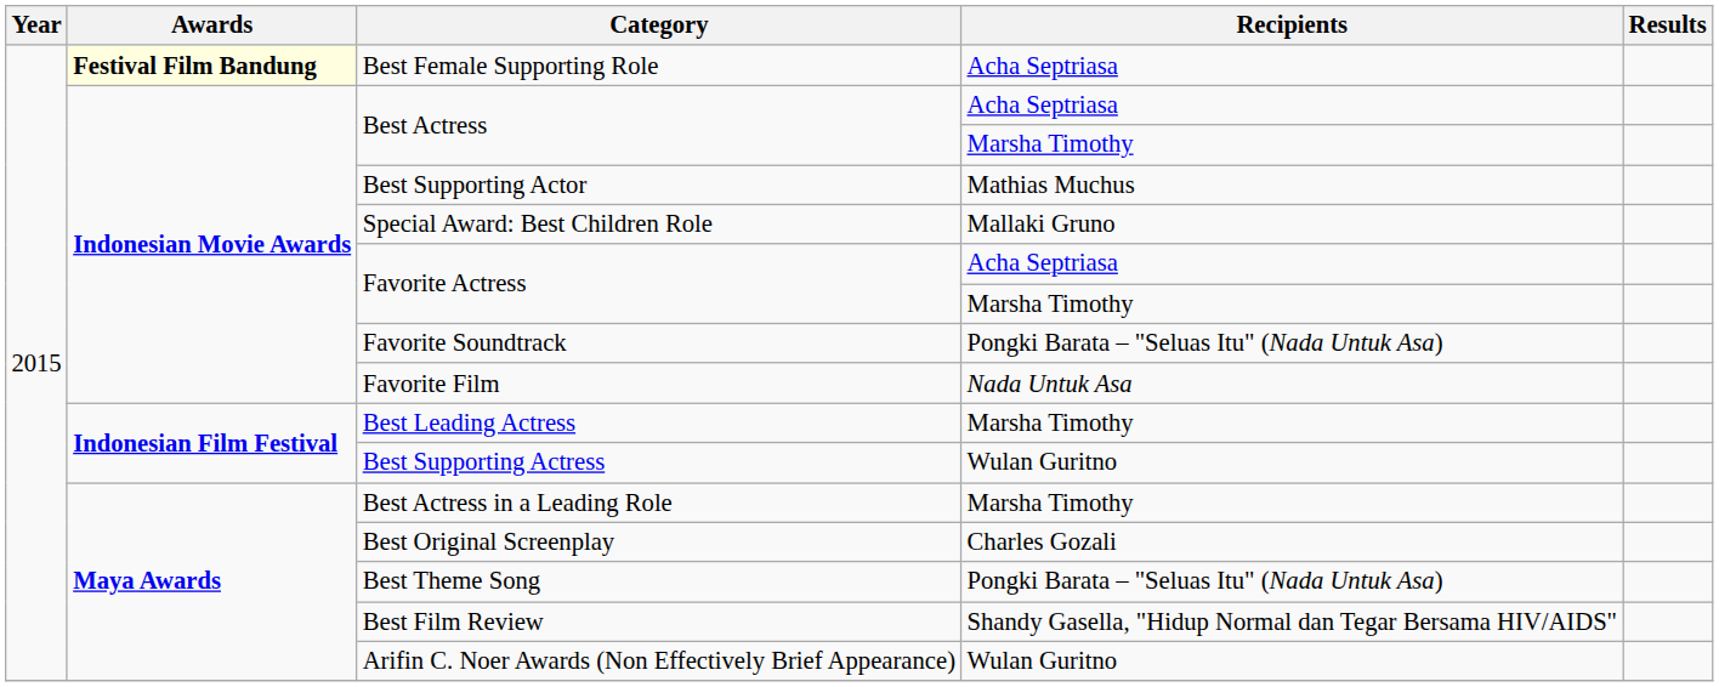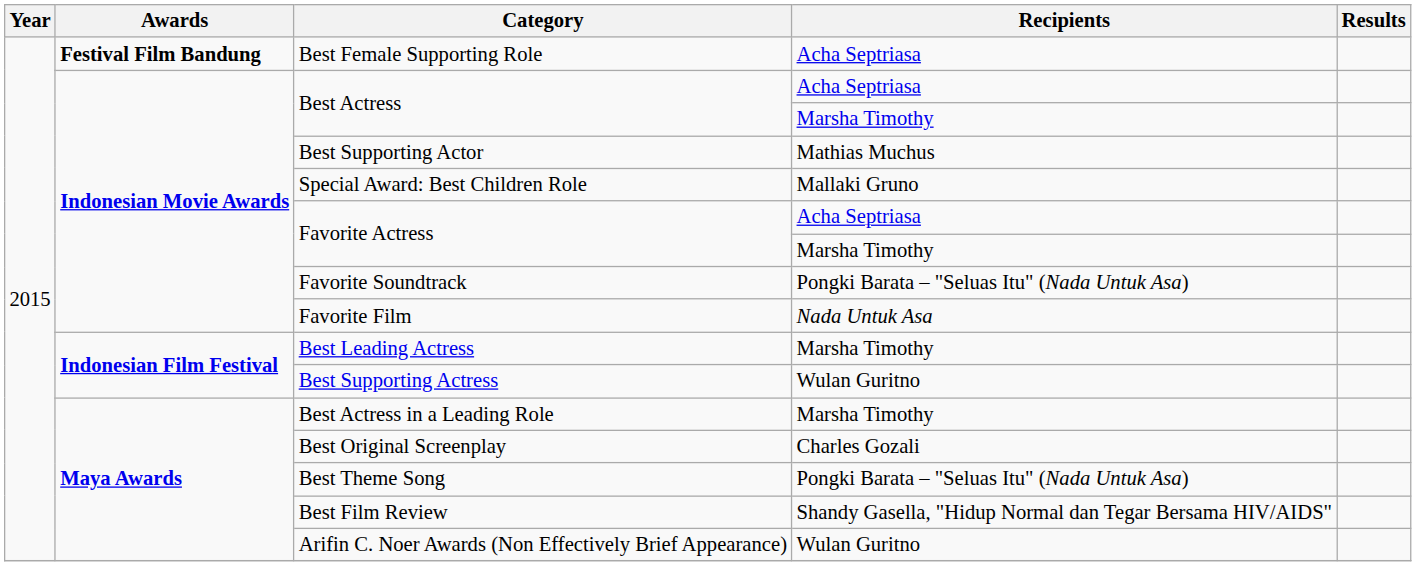 <table class="wikitable">
 <tr>
 <th>Year</th>
 <th>Awards</th>
 <th>Category</th>
 <th>Recipients</th>
 <th>Results</th>
 </tr>
 <tr>
 <td rowspan= "16">2015</td>
-<td style="background: lightyellow;"><strong>Festival Film Bandung</strong></td>
+<td><strong>Festival Film Bandung</strong></td>
 <td>Best Female Supporting Role</td>
 <td><a href='#'>Acha Septriasa</a></td>
 <td></td>
 </tr>
 <tr>
 <td rowspan= "8"><strong><a href='#'>Indonesian Movie Awards</a></strong></td>
 <td rowspan= "2">Best Actress</td>
 <td><a href='#'>Acha Septriasa</a></td>
 <td></td>
 </tr>
 <tr>
 <td><a href='#'>Marsha Timothy</a></td>
 <td></td>
 </tr>
 <tr>
 <td>Best Supporting Actor</td>
 <td>Mathias Muchus</td>
 <td></td>
 </tr>
 <tr>
 <td>Special Award: Best Children Role</td>
 <td>Mallaki Gruno</td>
 <td></td>
 </tr>
 <tr>
 <td rowspan= "2">Favorite Actress</td>
 <td><a href='#'>Acha Septriasa</a></td>
 <td></td>
 </tr>
 <tr>
 <td>Marsha Timothy</td>
 <td></td>
 </tr>
 <tr>
 <td>Favorite Soundtrack</td>
 <td>Pongki Barata – "Seluas Itu" (<em>Nada Untuk Asa</em>)</td>
 <td></td>
 </tr>
 <tr>
 <td>Favorite Film</td>
 <td><em>Nada Untuk Asa</em></td>
 <td></td>
 </tr>
 <tr>
 <td rowspan= "2"><strong><a href='#'>Indonesian Film Festival</a></strong></td>
 <td><a href='#'>Best Leading Actress</a></td>
 <td>Marsha Timothy</td>
 <td></td>
 </tr>
 <tr>
 <td><a href='#'>Best Supporting Actress</a></td>
 <td>Wulan Guritno</td>
 <td></td>
 </tr>
 <tr>
 <td rowspan= "5"><strong><a href='#'>Maya Awards</a></strong></td>
 <td>Best Actress in a Leading Role</td>
 <td>Marsha Timothy</td>
 <td></td>
 </tr>
 <tr>
 <td>Best Original Screenplay</td>
 <td>Charles Gozali</td>
 <td></td>
 </tr>
 <tr>
 <td>Best Theme Song</td>
 <td>Pongki Barata – "Seluas Itu" (<em>Nada Untuk Asa</em>)</td>
 <td></td>
 </tr>
 <tr>
 <td>Best Film Review</td>
 <td>Shandy Gasella, "Hidup Normal dan Tegar Bersama HIV/AIDS"</td>
 <td></td>
 </tr>
 <tr>
 <td>Arifin C. Noer Awards (Non Effectively Brief Appearance)</td>
 <td>Wulan Guritno</td>
 <td></td>
 </tr>
 <tr>
 </tr>
 </table>
